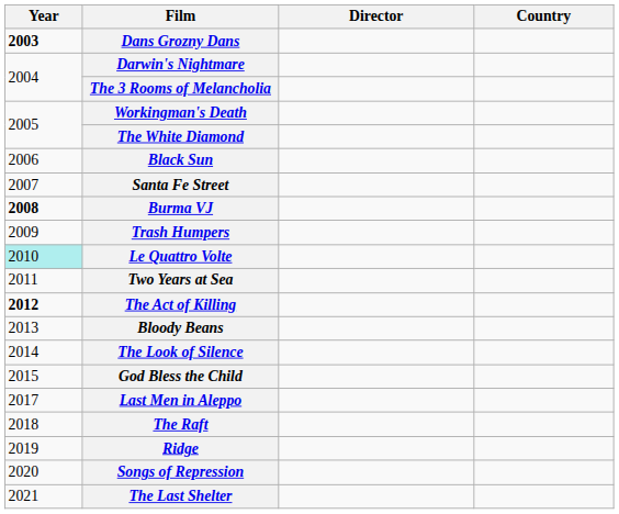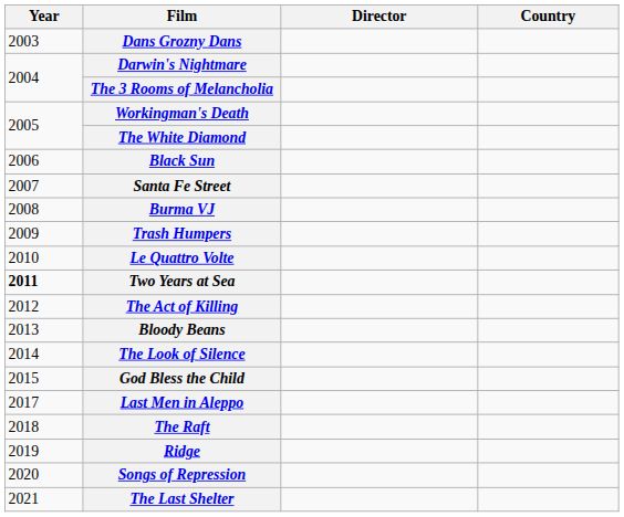 <table class="sortable wikitable plainrowheaders">
 <tr>
 <th scope="col" width="75">Year</th>
 <th scope="col" width="200">Film</th>
 <th scope="col" width="200">Director</th>
 <th scope="col" width="140">Country</th>
 </tr>
 <tr>
-<td align=left><strong>2003 </strong></td>
+<td align=left>2003 </td>
 <th scope="row"><em><a href='#'>Dans Grozny Dans</a></em></th>
 <td></td>
 <td></td>
 </tr>
 <tr>
 <td align=left rowspan=2>2004 </td>
 <th scope="row"><em><a href='#'>Darwin's Nightmare</a></em> </th>
 <td></td>
 <td></td>
 </tr>
 <tr>
 <th scope="row"><em><a href='#'>The 3 Rooms of Melancholia</a></em> </th>
 <td></td>
 <td></td>
 </tr>
 <tr>
 <td align=left rowspan=2>2005 </td>
 <th scope="row"><em><a href='#'>Workingman's Death</a></em> </th>
 <td></td>
 <td></td>
 </tr>
 <tr>
 <th scope="row"><em><a href='#'>The White Diamond</a></em> </th>
 <td></td>
 <td></td>
 </tr>
 <tr>
 <td align=left>2006 </td>
 <th scope="row"><em><a href='#'>Black Sun</a></em></th>
 <td></td>
 <td></td>
 </tr>
 <tr>
 <td align=left>2007 </td>
 <th scope="row"><em>Santa Fe Street</em></th>
 <td></td>
 <td></td>
 </tr>
 <tr>
-<td align=left><strong>2008 </strong></td>
+<td align=left>2008 </td>
 <th scope="row"><em><a href='#'>Burma VJ</a></em></th>
 <td></td>
 <td></td>
 </tr>
 <tr>
 <td align=left>2009 </td>
 <th scope="row"><em><a href='#'>Trash Humpers</a></em></th>
 <td></td>
 <td></td>
 </tr>
 <tr>
-<td align=left style="background: paleturquoise;">2010 </td>
+<td align=left>2010 </td>
 <th scope="row"><em><a href='#'>Le Quattro Volte</a></em></th>
 <td></td>
 <td></td>
 </tr>
 <tr>
-<td align=left>2011 </td>
+<td align=left><strong>2011 </strong></td>
 <th scope="row"><em>Two Years at Sea</em></th>
 <td></td>
 <td></td>
 </tr>
 <tr>
-<td align=left><strong>2012 </strong></td>
+<td align=left>2012 </td>
 <th scope="row"><em><a href='#'>The Act of Killing</a></em></th>
 <td></td>
 <td></td>
 </tr>
 <tr>
 <td align=left>2013 </td>
 <th scope="row"><em>Bloody Beans</em></th>
 <td></td>
 <td></td>
 </tr>
 <tr>
 <td align=left>2014 </td>
 <th scope="row"><em><a href='#'>The Look of Silence</a></em></th>
 <td></td>
 <td></td>
 </tr>
 <tr>
 <td align=left>2015 </td>
 <th scope="row"><em>God Bless the Child</em></th>
 <td></td>
 <td></td>
 </tr>
 <tr>
 <td align=left>2017 </td>
 <th scope="row"><em><a href='#'>Last Men in Aleppo</a></em></th>
 <td></td>
 <td></td>
 </tr>
 <tr>
 <td align=left>2018 </td>
 <th scope="row"><em><a href='#'>The Raft</a></em></th>
 <td></td>
 <td></td>
 </tr>
 <tr>
 <td align=left>2019 </td>
 <th scope="row"><em><a href='#'>Ridge</a></em></th>
 <td></td>
 <td></td>
 </tr>
 <tr>
 <td align=left>2020 </td>
 <th scope="row"><em><a href='#'>Songs of Repression</a></em></th>
 <td></td>
 <td></td>
 </tr>
 <tr>
 <td align=left>2021 </td>
 <th scope="row"><em><a href='#'>The Last Shelter</a></em></th>
 <td></td>
 <td></td>
 </tr>
 </table>
